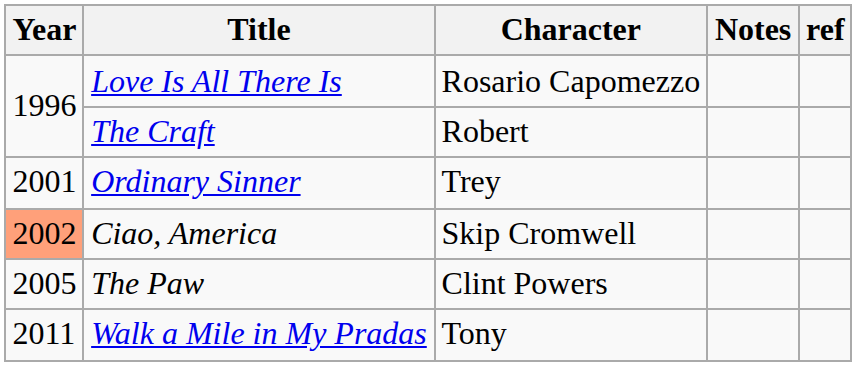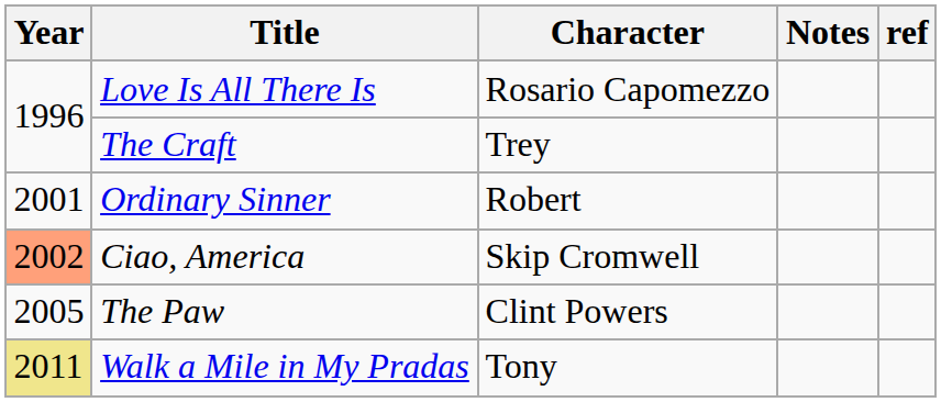 <table class="wikitable sortable plainrowheaders">
 <tr>
 <th>Year</th>
 <th>Title</th>
 <th>Character</th>
 <th>Notes</th>
 <th>ref</th>
 </tr>
 <tr>
 <td rowspan="2">1996</td>
 <td><em><a href='#'>Love Is All There Is</a></em></td>
 <td>Rosario Capomezzo</td>
 <td></td>
 <td></td>
 </tr>
 <tr>
 <td><em><a href='#'>The Craft</a></em></td>
-<td>Robert</td>
+<td>Trey</td>
 <td></td>
 <td></td>
 </tr>
 <tr>
 <td>2001</td>
 <td><em><a href='#'>Ordinary Sinner</a></em></td>
-<td>Trey</td>
+<td>Robert</td>
 <td></td>
 <td></td>
 </tr>
 <tr>
 <td style="background: lightsalmon;">2002</td>
 <td><em>Ciao, America</em></td>
 <td>Skip Cromwell</td>
 <td></td>
 <td></td>
 </tr>
 <tr>
 <td>2005</td>
 <td><em>The Paw</em></td>
 <td>Clint Powers</td>
 <td></td>
 <td></td>
 </tr>
 <tr>
-<td>2011</td>
+<td style="background: khaki;">2011</td>
 <td><em><a href='#'>Walk a Mile in My Pradas</a></em></td>
 <td>Tony</td>
 <td></td>
 <td></td>
 </tr>
 <tr>
 </tr>
 </table>
